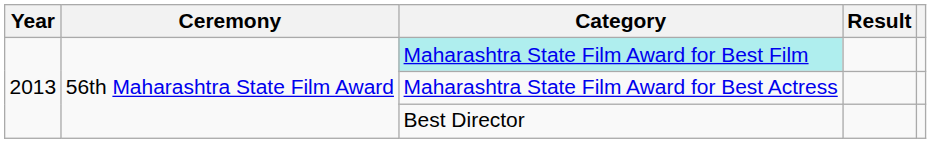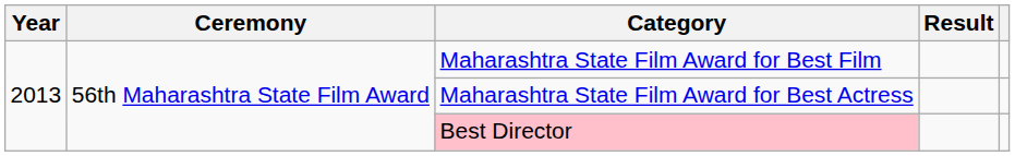 <table class="wikitable">
 <tr>
 <th>Year</th>
 <th>Ceremony</th>
 <th>Category</th>
 <th>Result</th>
 <th></th>
 </tr>
 <tr>
 <td Rowspan="3">2013</td>
 <td Rowspan="3">56th <a href='#'>Maharashtra State Film Award</a></td>
-<td style="background: paleturquoise;"><a href='#'>Maharashtra State Film Award for Best Film</a></td>
+<td><a href='#'>Maharashtra State Film Award for Best Film</a></td>
 <td></td>
 <td></td>
 </tr>
 <tr>
 <td><a href='#'>Maharashtra State Film Award for Best Actress</a></td>
 <td></td>
 <td></td>
 </tr>
 <tr>
-<td>Best Director</td>
+<td style="background: pink;">Best Director</td>
 <td></td>
 <td></td>
 </tr>
 </table>
